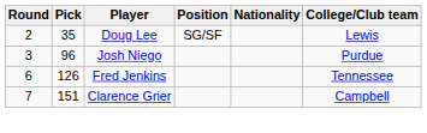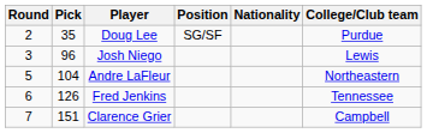 <table class="wikitable sortable sortable">
 <tr>
 <th>Round</th>
 <th>Pick</th>
 <th>Player</th>
 <th>Position</th>
 <th>Nationality</th>
 <th>College/Club team</th>
 </tr>
 <tr style="text-align: center">
 <td>2</td>
 <td>35</td>
 <td><a href='#'>Doug Lee</a></td>
 <td>SG/SF</td>
 <td></td>
-<td><a href='#'>Lewis</a></td>
+<td><a href='#'>Purdue</a></td>
 </tr>
 <tr style="text-align: center">
 <td>3</td>
 <td>96</td>
 <td><a href='#'>Josh Niego</a></td>
 <td></td>
 <td></td>
-<td><a href='#'>Purdue</a></td>
+<td><a href='#'>Lewis</a></td>
+</tr>
+<tr style="text-align: center">
+<td>5</td>
+<td>104</td>
+<td><a href='#'>Andre LaFleur</a></td>
+<td></td>
+<td></td>
+<td><a href='#'>Northeastern</a></td>
 </tr>
 <tr style="text-align: center">
 <td>6</td>
 <td>126</td>
 <td><a href='#'>Fred Jenkins</a></td>
 <td></td>
 <td></td>
 <td><a href='#'>Tennessee</a></td>
 </tr>
 <tr style="text-align: center">
 <td>7</td>
 <td>151</td>
 <td><a href='#'>Clarence Grier</a></td>
 <td></td>
 <td></td>
 <td><a href='#'>Campbell</a></td>
 </tr>
 </table>
